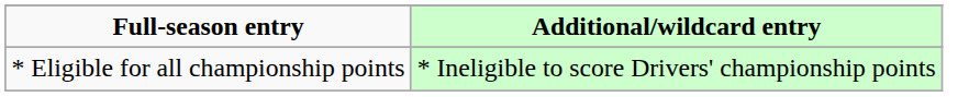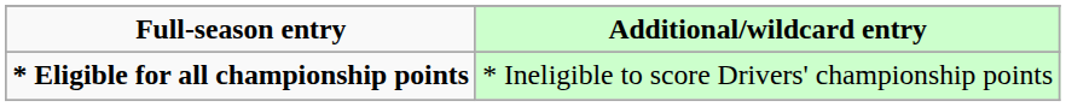 <table class="wikitable" style="font-size: 85%;">
 <tr>
 </tr>
 <tr>
 <td align="center"><strong>Full-season entry</strong></td>
 <td align="center" style="background-color: #ccffcc"><strong>Additional/wildcard entry</strong></td>
 </tr>
 <tr>
-<td>* Eligible for all championship points</td>
+<td><strong>* Eligible for all championship points</strong></td>
 <td style="background-color: #ccffcc">* Ineligible to score Drivers' championship points</td>
 </tr>
 </table>
